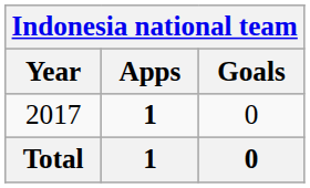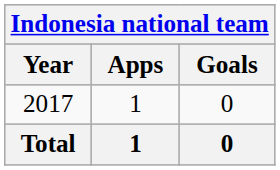 <table class="wikitable" style="text-align:center">
 <tr>
 <th colspan=3><a href='#'>Indonesia national team</a></th>
 </tr>
 <tr>
 <th>Year</th>
 <th>Apps</th>
 <th>Goals</th>
 </tr>
 <tr>
 <td>2017</td>
-<td><strong>1</strong></td>
+<td>1</td>
 <td>0</td>
 </tr>
 <tr>
 <th>Total</th>
 <th>1</th>
 <th>0</th>
 </tr>
 </table>
